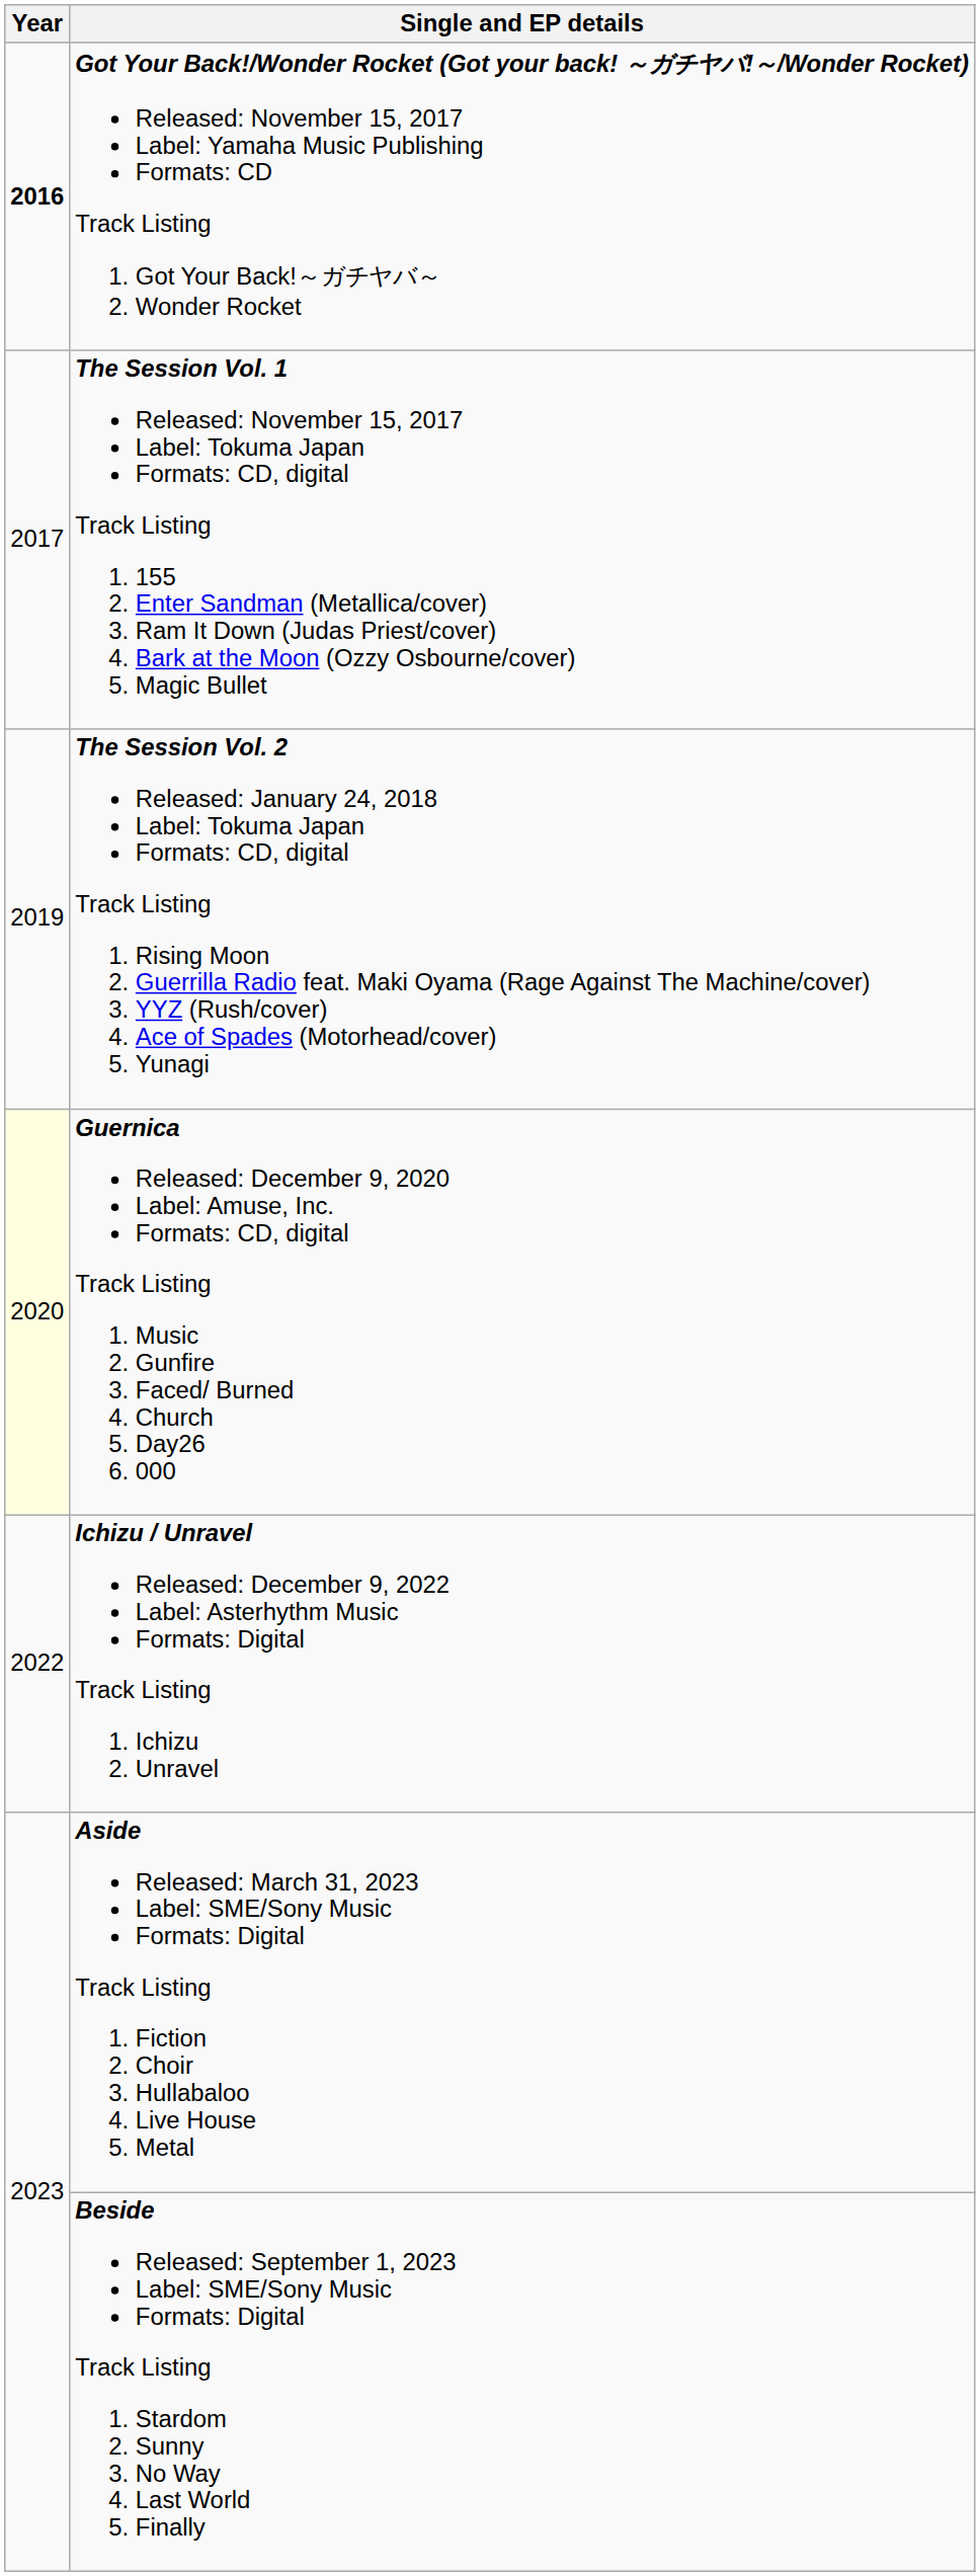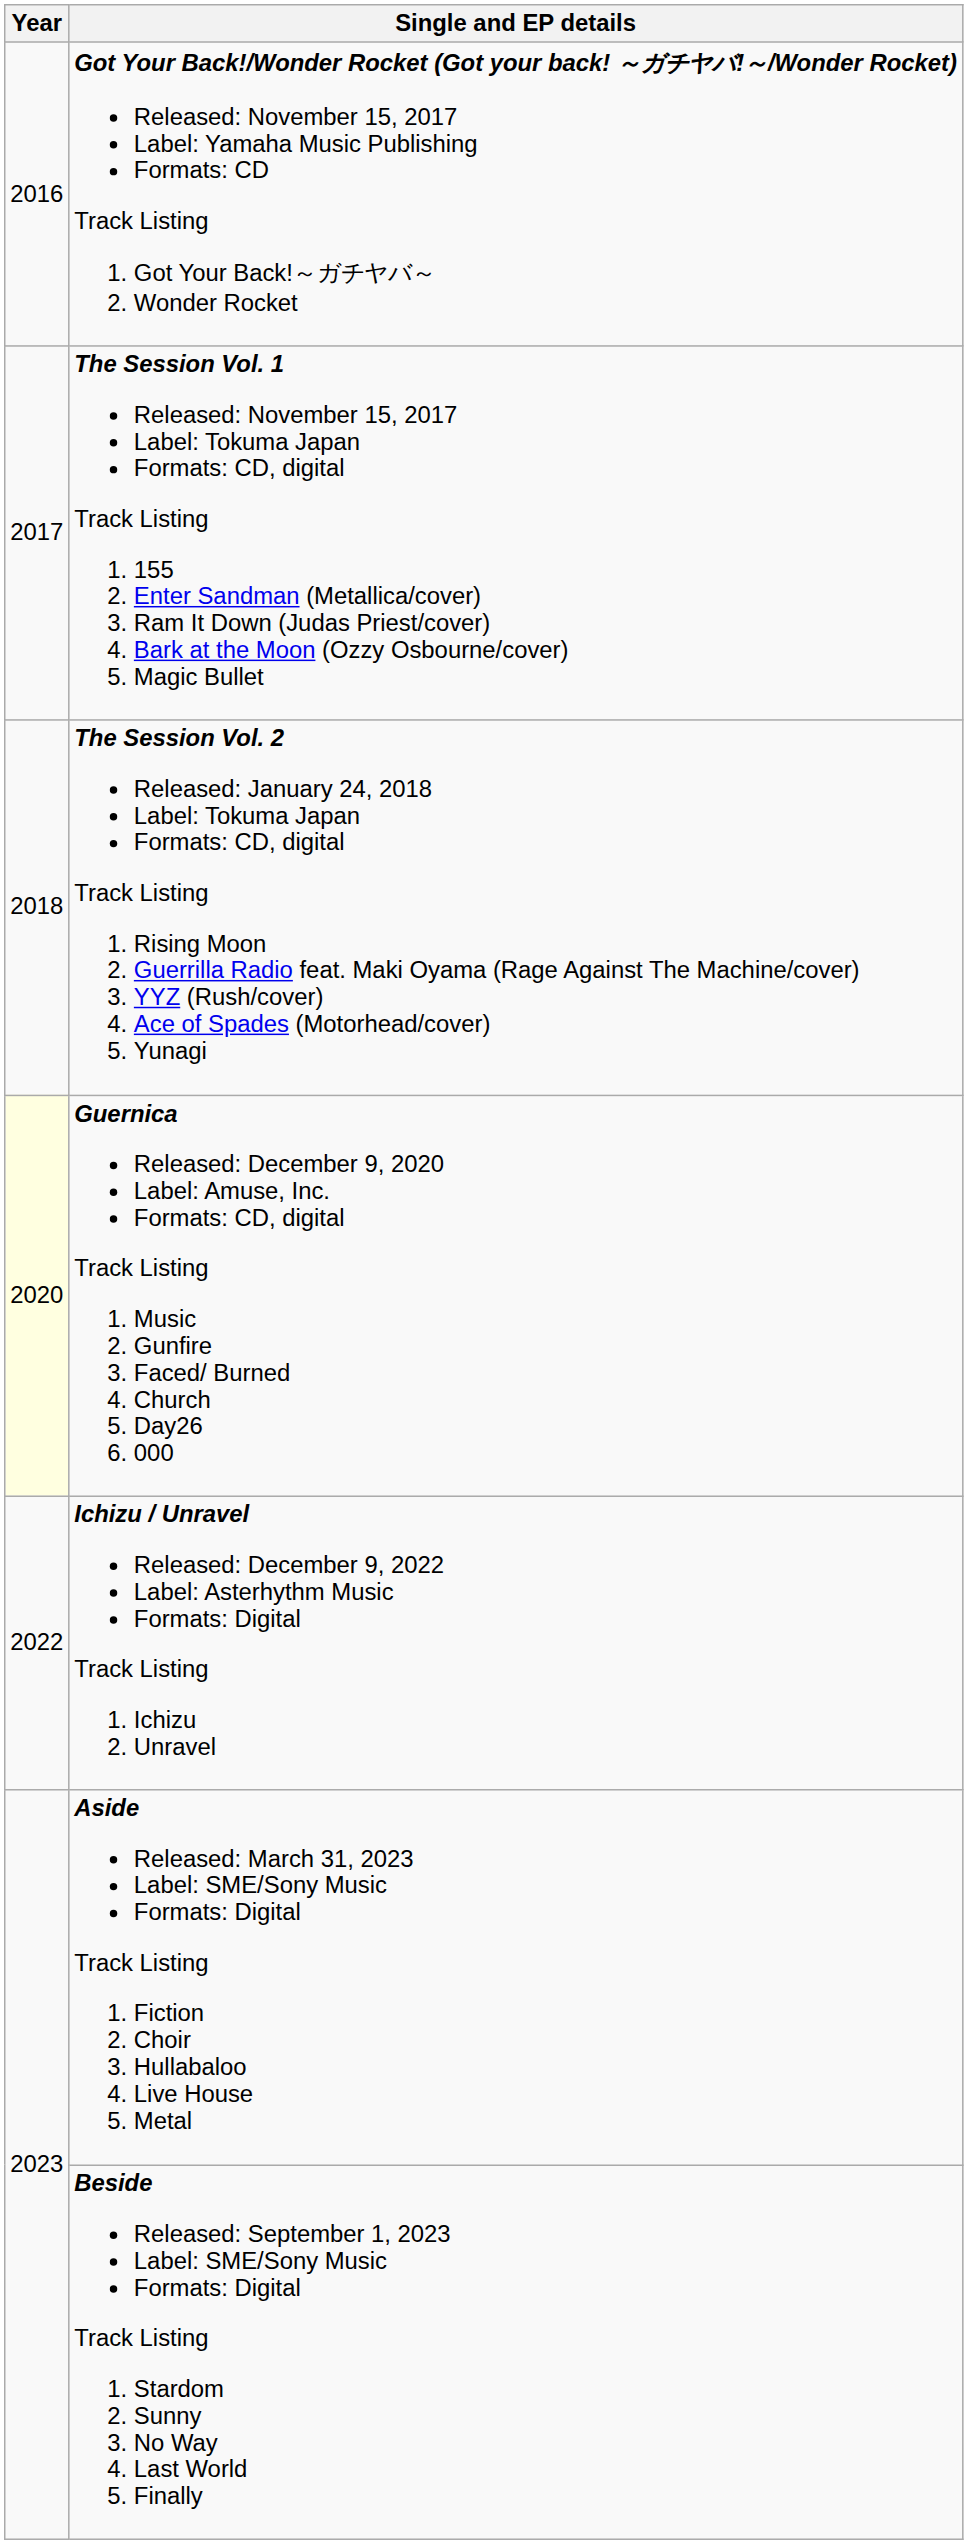 <table class="wikitable">
 <tr>
 <th>Year</th>
 <th>Single and EP details</th>
 </tr>
 <tr>
-<td><strong>2016</strong></td>
+<td>2016</td>
 <td><strong><em>Got Your Back!/Wonder Rocket (Got your back! ～ガチヤバ!～/Wonder Rocket)</em></strong><br><ul><li>Released: November 15, 2017</li><li>Label: Yamaha Music Publishing</li><li>Formats: CD</li></ul>Track Listing<ol><li>Got Your Back!～ガチヤバ～</li><li>Wonder Rocket</li></ol></td>
 </tr>
 <tr>
 <td>2017</td>
 <td><strong><em>The Session Vol. 1</em></strong><br><ul><li>Released: November 15, 2017</li><li>Label: Tokuma Japan</li><li>Formats: CD, digital</li></ul>Track Listing<ol><li>155</li><li><a href='#'>Enter Sandman</a> (Metallica/cover)</li><li>Ram It Down (Judas Priest/cover)</li><li><a href='#'>Bark at the Moon</a> (Ozzy Osbourne/cover)</li><li>Magic Bullet</li></ol></td>
 </tr>
 <tr>
-<td>2019</td>
+<td>2018</td>
 <td><strong><em>The Session Vol. 2</em></strong><br><ul><li>Released: January 24, 2018</li><li>Label: Tokuma Japan</li><li>Formats: CD, digital</li></ul>Track Listing<ol><li>Rising Moon</li><li><a href='#'>Guerrilla Radio</a> feat. Maki Oyama (Rage Against The Machine/cover)</li><li><a href='#'>YYZ</a> (Rush/cover)</li><li><a href='#'>Ace of Spades</a> (Motorhead/cover)</li><li>Yunagi</li></ol></td>
 </tr>
 <tr>
 <td style="background: lightyellow;">2020</td>
 <td><strong><em>Guernica</em></strong><br><ul><li>Released: December 9, 2020</li><li>Label: Amuse, Inc.</li><li>Formats: CD, digital</li></ul>Track Listing<ol><li>Music</li><li>Gunfire</li><li>Faced/ Burned</li><li>Church</li><li>Day26</li><li>000</li></ol></td>
 </tr>
 <tr>
 <td>2022</td>
 <td><strong><em>Ichizu / Unravel</em></strong><br><ul><li>Released: December 9, 2022</li><li>Label: Asterhythm Music</li><li>Formats: Digital</li></ul>Track Listing<ol><li>Ichizu</li><li>Unravel</li></ol></td>
 </tr>
 <tr>
 <td rowspan="2">2023</td>
 <td><strong><em>Aside</em></strong><br><ul><li>Released: March 31, 2023</li><li>Label: SME/Sony Music</li><li>Formats: Digital</li></ul>Track Listing<ol><li>Fiction</li><li>Choir</li><li>Hullabaloo</li><li>Live House</li><li>Metal</li></ol></td>
 </tr>
 <tr>
 <td><strong><em>Beside</em></strong><br><ul><li>Released: September 1, 2023</li><li>Label: SME/Sony Music</li><li>Formats: Digital</li></ul>Track Listing<ol><li>Stardom</li><li>Sunny</li><li>No Way</li><li>Last World</li><li>Finally</li></ol></td>
 </tr>
 </table>
